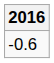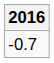 <table class="wikitable">
 <tr>
 <th>2016</th>
 </tr>
 <tr>
-<td>-0.6</td>
+<td>-0.7</td>
 </tr>
 </table>
